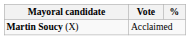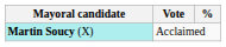 <table class="wikitable">
 <tr>
 <th bgcolor="#DDDDFF" width="200px">Mayoral candidate</th>
 <th bgcolor="#DDDDFF" width="50px">Vote</th>
 <th bgcolor="#DDDDFF" width="30px">%</th>
 </tr>
 <tr>
-<td><strong>Martin Soucy</strong> (X)</td>
+<td style="background: paleturquoise;"><strong>Martin Soucy</strong> (X)</td>
 <td colspan="2">Acclaimed</td>
 </tr>
 </table>
